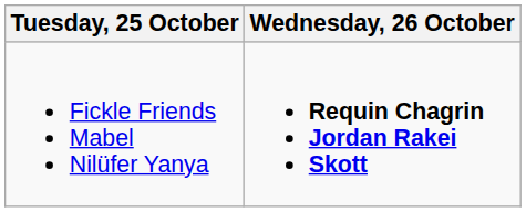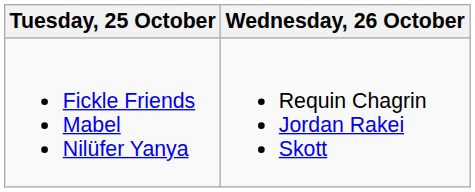 <table class="wikitable">
 <tr>
 <th>Tuesday, 25 October</th>
 <th>Wednesday, 26 October</th>
 </tr>
 <tr valign="top">
 <td><br><ul><li><a href='#'>Fickle Friends</a></li><li><a href='#'>Mabel</a></li><li><a href='#'>Nilüfer Yanya</a></li></ul></td>
-<td><strong><br><ul><li>Requin Chagrin</li><li><a href='#'>Jordan Rakei</a></li><li><a href='#'>Skott</a></li></ul></strong></td>
+<td><br><ul><li>Requin Chagrin</li><li><a href='#'>Jordan Rakei</a></li><li><a href='#'>Skott</a></li></ul></td>
 </tr>
 </table>
